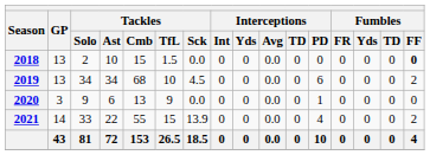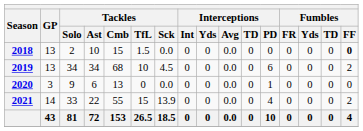 <table class="wikitable" style="text-align:center;">
 <tr>
 <th colspan="16"></th>
 </tr>
 <tr>
 <th rowspan="2">Season</th>
 <th rowspan="2">GP</th>
 <th colspan="5">Tackles</th>
 <th colspan="5">Interceptions</th>
 <th colspan="4">Fumbles</th>
 </tr>
 <tr>
 <th>Solo</th>
 <th>Ast</th>
 <th>Cmb</th>
 <th>TfL</th>
 <th>Sck</th>
 <th>Int</th>
 <th>Yds</th>
 <th>Avg</th>
 <th>TD</th>
 <th>PD</th>
 <th>FR</th>
 <th>Yds</th>
 <th>TD</th>
 <th>FF</th>
 </tr>
 <tr>
 <th><a href='#'>2018</a></th>
 <td>13</td>
 <td>2</td>
 <td>10</td>
 <td>15</td>
 <td>1.5</td>
 <td>0.0</td>
 <td>0</td>
 <td>0</td>
 <td>0.0</td>
 <td>0</td>
 <td>0</td>
 <td>0</td>
 <td>0</td>
 <td>0</td>
 <td><strong>0</strong></td>
 </tr>
 <tr>
 <th><a href='#'>2019</a></th>
 <td>13</td>
 <td>34</td>
 <td>34</td>
 <td>68</td>
 <td>10</td>
 <td>4.5</td>
 <td>0</td>
 <td>0</td>
 <td>0.0</td>
 <td>0</td>
 <td>6</td>
 <td>0</td>
 <td>0</td>
 <td>0</td>
 <td>2</td>
 </tr>
 <tr>
 <th><a href='#'>2020</a></th>
 <td>3</td>
 <td>9</td>
 <td>6</td>
 <td>13</td>
-<td>9</td>
+<td>0</td>
 <td>0.0</td>
 <td>0</td>
 <td>0</td>
 <td>0.0</td>
 <td>0</td>
 <td>1</td>
 <td>0</td>
 <td>0</td>
 <td>0</td>
 <td>0</td>
 </tr>
 <tr>
 <th><a href='#'>2021</a></th>
 <td>14</td>
 <td>33</td>
 <td>22</td>
 <td>55</td>
 <td>15</td>
 <td>13.9</td>
 <td>0</td>
 <td>0</td>
 <td>0.0</td>
 <td>0</td>
 <td>4</td>
 <td>0</td>
 <td>0</td>
 <td>0</td>
 <td>2</td>
 </tr>
 <tr>
 <th></th>
 <th>43</th>
 <th>81</th>
 <th>72</th>
 <th>153</th>
 <th>26.5</th>
 <th>18.5</th>
 <th>0</th>
 <th>0</th>
 <th>0.0</th>
 <th>0</th>
 <th>10</th>
 <th>0</th>
 <th>0</th>
 <th>0</th>
 <th>4</th>
 </tr>
 <tr>
 </tr>
 </table>
